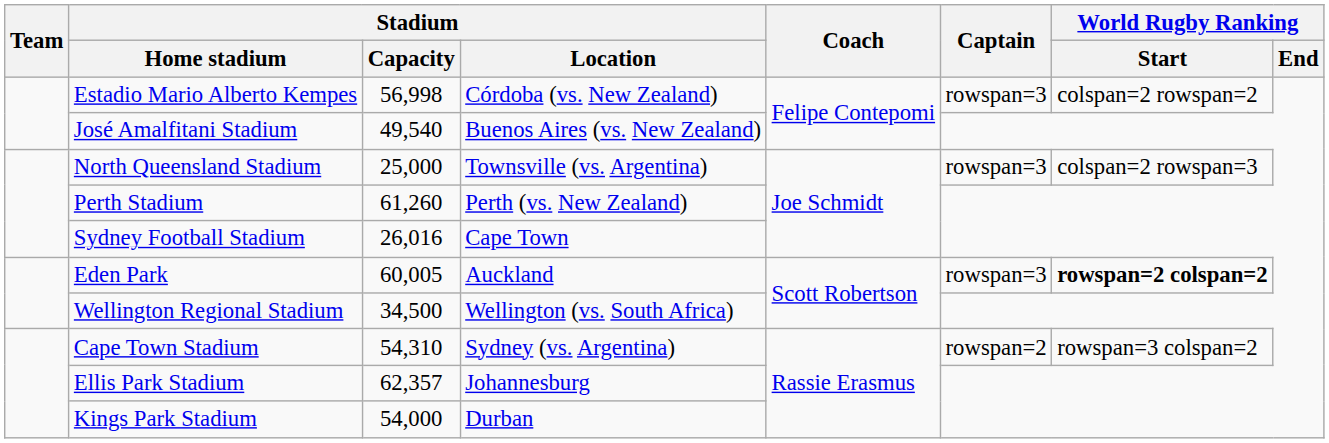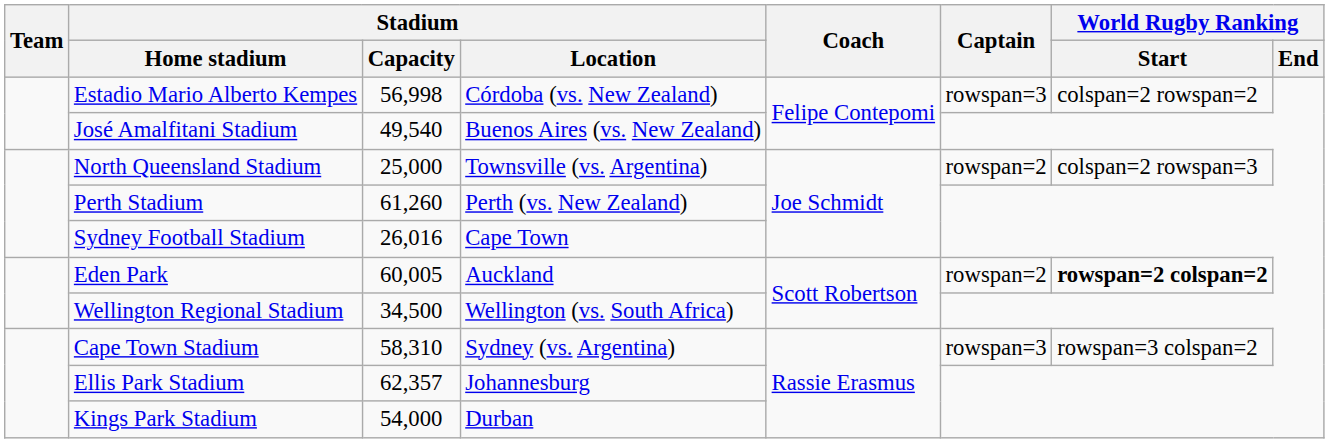 <table class="wikitable">
 <tr>
 <th rowspan="2">Team</th>
 <th colspan="3">Stadium</th>
 <th rowspan="2">Coach</th>
 <th rowspan="2">Captain</th>
 <th colspan="2"><a href='#'>World Rugby Ranking</a></th>
 </tr>
 <tr>
 <th>Home stadium</th>
 <th>Capacity</th>
 <th>Location</th>
 <th>Start</th>
 <th>End</th>
 </tr>
 <tr>
 <td rowspan=2></td>
 <td><a href='#'>Estadio Mario Alberto Kempes</a></td>
 <td align=center>56,998</td>
 <td><a href='#'>Córdoba</a> (<a href='#'>vs.</a> <a href='#'>New Zealand</a>)</td>
 <td rowspan=2> <a href='#'>Felipe Contepomi</a></td>
 <td>rowspan=3 </td>
 <td>colspan=2 rowspan=2 </td>
 </tr>
 <tr>
 <td><a href='#'>José Amalfitani Stadium</a></td>
 <td align=center>49,540</td>
 <td><a href='#'>Buenos Aires</a> (<a href='#'>vs.</a> <a href='#'>New Zealand</a>)</td>
 </tr>
 <tr>
 <td rowspan=3></td>
 <td><a href='#'>North Queensland Stadium</a></td>
 <td align=center>25,000</td>
 <td><a href='#'>Townsville</a> (<a href='#'>vs.</a> <a href='#'>Argentina</a>)</td>
 <td rowspan=3> <a href='#'>Joe Schmidt</a></td>
-<td>rowspan=3 </td>
+<td>rowspan=2 </td>
 <td>colspan=2 rowspan=3 </td>
 </tr>
 <tr>
 <td><a href='#'>Perth Stadium</a></td>
 <td align=center>61,260</td>
 <td><a href='#'>Perth</a> (<a href='#'>vs.</a> <a href='#'>New Zealand</a>)</td>
 </tr>
 <tr>
 <td><a href='#'>Sydney Football Stadium</a></td>
 <td align=center>26,016</td>
 <td><a href='#'>Cape Town</a></td>
 </tr>
 <tr>
 <td rowspan=2></td>
 <td><a href='#'>Eden Park</a></td>
 <td align=center>60,005</td>
 <td><a href='#'>Auckland</a></td>
 <td rowspan=2> <a href='#'>Scott Robertson</a></td>
-<td>rowspan=3 </td>
+<td>rowspan=2 </td>
 <td><strong>rowspan=2 colspan=2 </strong></td>
 </tr>
 <tr>
 <td><a href='#'>Wellington Regional Stadium</a></td>
 <td align=center>34,500</td>
 <td><a href='#'>Wellington</a> (<a href='#'>vs.</a> <a href='#'>South Africa</a>)</td>
 </tr>
 <tr>
 <td rowspan=3></td>
 <td><a href='#'>Cape Town Stadium</a></td>
-<td align=center>54,310</td>
+<td align=center>58,310</td>
 <td><a href='#'>Sydney</a> (<a href='#'>vs.</a> <a href='#'>Argentina</a>)</td>
 <td rowspan=3> <a href='#'>Rassie Erasmus</a></td>
-<td>rowspan=2 </td>
+<td>rowspan=3 </td>
 <td>rowspan=3 colspan=2 </td>
 </tr>
 <tr>
 <td><a href='#'>Ellis Park Stadium</a></td>
 <td align=center>62,357</td>
 <td><a href='#'>Johannesburg</a></td>
 </tr>
 <tr>
 <td><a href='#'>Kings Park Stadium</a></td>
 <td align=center>54,000</td>
 <td><a href='#'>Durban</a></td>
 </tr>
 </table>
